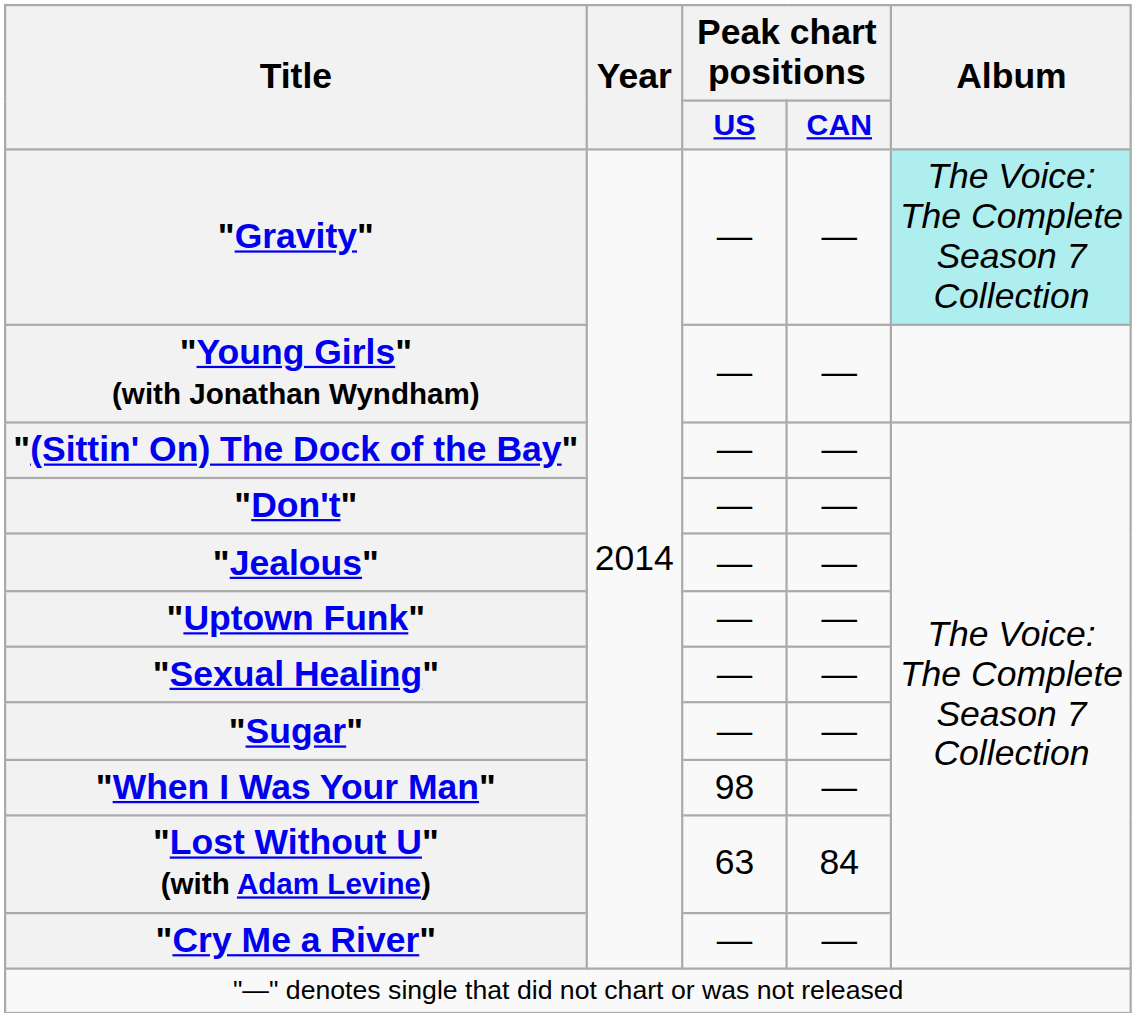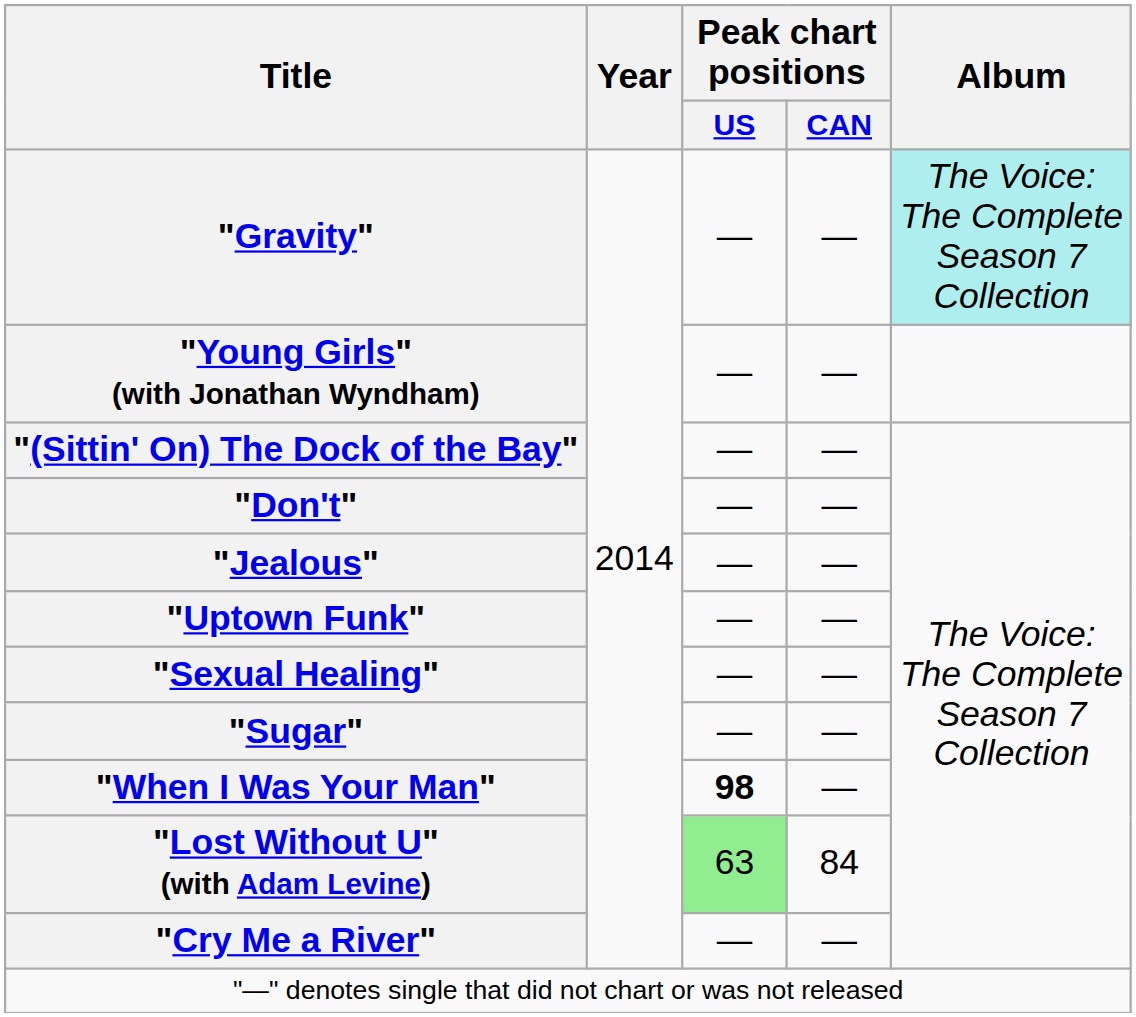 <table class="wikitable plainrowheaders" style="text-align:center;">
 <tr>
 <th scope="col" rowspan="2">Title</th>
 <th scope="col" rowspan="2">Year</th>
 <th scope="col" colspan="2">Peak chart positions</th>
 <th scope="col" rowspan="2">Album</th>
 </tr>
 <tr>
 <th scope="col" style="width:3em;font-size:85%;"><a href='#'>US</a></th>
 <th scope="col" style="width:3em;font-size:85%;"><a href='#'>CAN</a></th>
 </tr>
 <tr>
 <th scope="row">"<a href='#'>Gravity</a>"</th>
 <td rowspan="11">2014</td>
 <td>—</td>
 <td>—</td>
 <td style="background: paleturquoise;"><em>The Voice:<br>The Complete<br>Season 7<br>Collection</em></td>
 </tr>
 <tr>
 <th scope="row">"<a href='#'>Young Girls</a>"<br><small>(with Jonathan Wyndham)</small></th>
 <td>—</td>
 <td>—</td>
 <td></td>
 </tr>
 <tr>
 <th scope="row">"<a href='#'>(Sittin' On) The Dock of the Bay</a>"</th>
 <td>—</td>
 <td>—</td>
 <td rowspan="9"><em>The Voice:<br>The Complete<br>Season 7<br>Collection</em></td>
 </tr>
 <tr>
 <th scope="row">"<a href='#'>Don't</a>"</th>
 <td>—</td>
 <td>—</td>
 </tr>
 <tr>
 <th scope="row">"<a href='#'>Jealous</a>"</th>
 <td>—</td>
 <td>—</td>
 </tr>
 <tr>
 <th scope="row">"<a href='#'>Uptown Funk</a>"</th>
 <td>—</td>
 <td>—</td>
 </tr>
 <tr>
 <th scope="row">"<a href='#'>Sexual Healing</a>"</th>
 <td>—</td>
 <td>—</td>
 </tr>
 <tr>
 <th scope="row">"<a href='#'>Sugar</a>"</th>
 <td>—</td>
 <td>—</td>
 </tr>
 <tr>
 <th scope="row">"<a href='#'>When I Was Your Man</a>"</th>
-<td>98</td>
+<td><strong>98</strong></td>
 <td>—</td>
 </tr>
 <tr>
 <th scope="row">"<a href='#'>Lost Without U</a>"<br><small>(with <a href='#'>Adam Levine</a>)</small></th>
-<td>63</td>
+<td style="background: lightgreen;">63</td>
 <td>84</td>
 </tr>
 <tr>
 <th scope="row">"<a href='#'>Cry Me a River</a>"</th>
 <td>—</td>
 <td>—</td>
 </tr>
 <tr>
 <td colspan="5" style="font-size:9pt">"—" denotes single that did not chart or was not released</td>
 </tr>
 </table>
